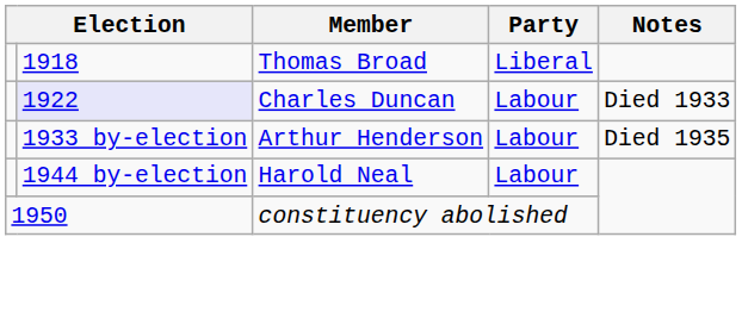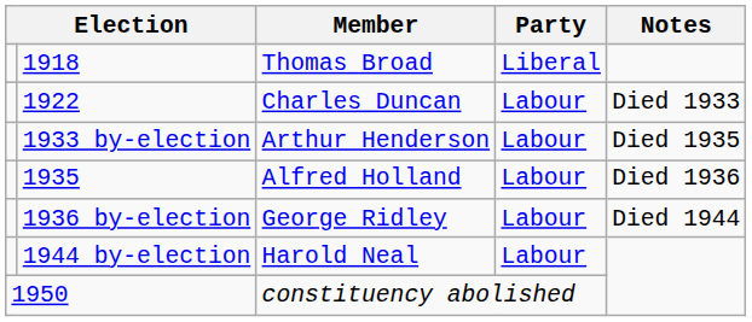 <table class="wikitable">
 <tr>
 <th colspan="2">Election</th>
 <th>Member</th>
 <th>Party</th>
 <th>Notes</th>
 </tr>
 <tr>
 <td style="color:inherit;background-color: "></td>
 <td><a href='#'>1918</a></td>
 <td><a href='#'>Thomas Broad</a></td>
 <td><a href='#'>Liberal</a></td>
 </tr>
 <tr>
 <td style="color:inherit;background-color: "></td>
-<td style="background: lavender;"><a href='#'>1922</a></td>
+<td><a href='#'>1922</a></td>
 <td><a href='#'>Charles Duncan</a></td>
 <td><a href='#'>Labour</a></td>
 <td>Died 1933</td>
 </tr>
 <tr>
 <td style="color:inherit;background-color: "></td>
 <td><a href='#'>1933 by-election</a></td>
 <td><a href='#'>Arthur Henderson</a></td>
 <td><a href='#'>Labour</a></td>
 <td>Died 1935</td>
 </tr>
 <tr>
 <td style="color:inherit;background-color: "></td>
+<td><a href='#'>1935</a></td>
+<td><a href='#'>Alfred Holland</a></td>
+<td><a href='#'>Labour</a></td>
+<td>Died 1936</td>
+</tr>
+<tr>
+<td style="color:inherit;background-color: "></td>
+<td><a href='#'>1936 by-election</a></td>
+<td><a href='#'>George Ridley</a></td>
+<td><a href='#'>Labour</a></td>
+<td>Died 1944</td>
+</tr>
+<tr>
+<td style="color:inherit;background-color: "></td>
 <td><a href='#'>1944 by-election</a></td>
 <td><a href='#'>Harold Neal</a></td>
 <td><a href='#'>Labour</a></td>
 </tr>
 <tr>
 <td colspan="2" align="left"><a href='#'>1950</a></td>
 <td colspan="2"><em>constituency abolished</em></td>
 </tr>
 </table>
